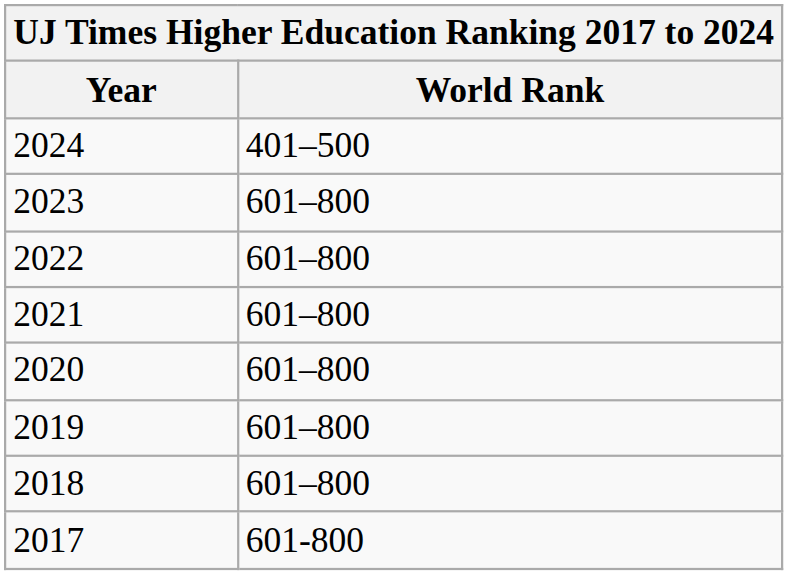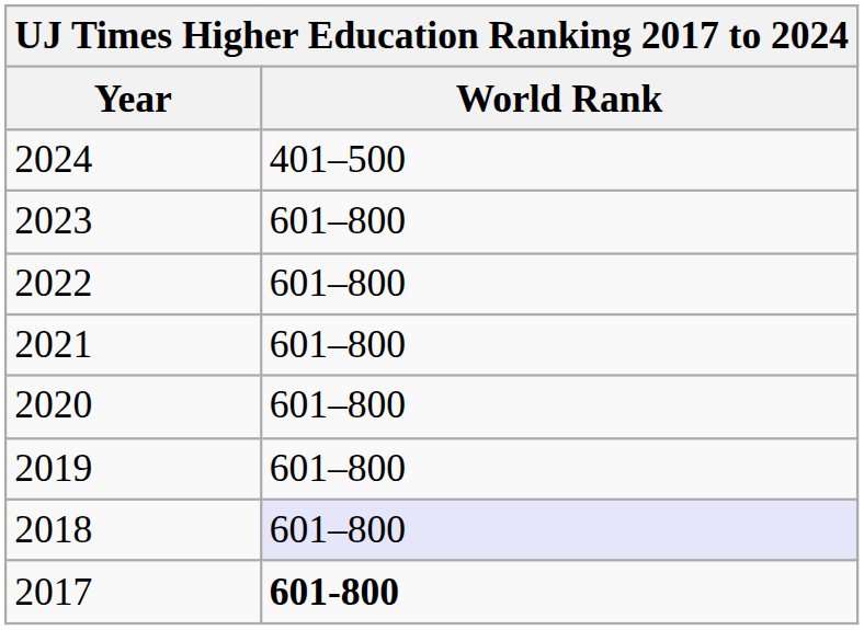 <table class="wikitable">
 <tr>
 <th colspan="2"><strong>UJ Times Higher Education Ranking 2017 to 2024</strong></th>
 </tr>
 <tr>
 <th>Year</th>
 <th>World Rank</th>
 </tr>
 <tr>
 <td>2024</td>
 <td>401–500</td>
 </tr>
 <tr>
 <td>2023</td>
 <td>601–800</td>
 </tr>
 <tr>
 <td>2022</td>
 <td>601–800</td>
 </tr>
 <tr>
 <td>2021</td>
 <td>601–800</td>
 </tr>
 <tr>
 <td>2020</td>
 <td>601–800</td>
 </tr>
 <tr>
 <td>2019</td>
 <td>601–800</td>
 </tr>
 <tr>
 <td>2018</td>
-<td>601–800</td>
+<td style="background: lavender;">601–800</td>
 </tr>
 <tr>
 <td>2017</td>
-<td>601-800</td>
+<td><strong>601-800</strong></td>
 </tr>
 </table>
